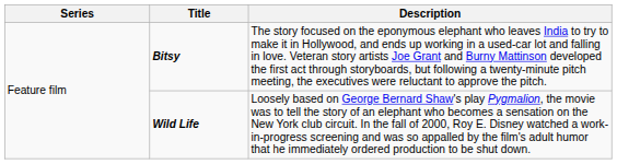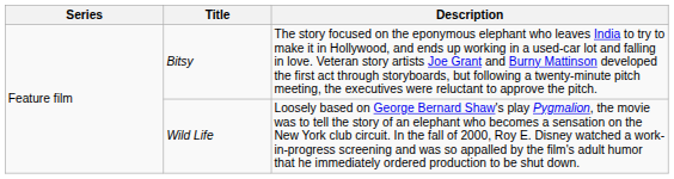 <table class="wikitable">
 <tr>
 <th style="width:150pt;">Series</th>
 <th style="width:100pt;">Title</th>
 <th>Description</th>
 </tr>
 <tr>
 <td rowspan="2">Feature film</td>
-<td><strong><em>Bitsy</em></strong></td>
+<td><em>Bitsy</em></td>
 <td>The story focused on the eponymous elephant who leaves <a href='#'>India</a> to try to make it in Hollywood, and ends up working in a used-car lot and falling in love. Veteran story artists <a href='#'>Joe Grant</a> and <a href='#'>Burny Mattinson</a> developed the first act through storyboards, but following a twenty-minute pitch meeting, the executives were reluctant to approve the pitch.</td>
 </tr>
 <tr>
-<td><strong><em>Wild Life</em></strong></td>
+<td><em>Wild Life</em></td>
 <td>Loosely based on <a href='#'>George Bernard Shaw</a>'s play <em><a href='#'>Pygmalion</a></em>, the movie was to tell the story of an elephant who becomes a sensation on the New York club circuit. In the fall of 2000, Roy E. Disney watched a work-in-progress screening and was so appalled by the film's adult humor that he immediately ordered production to be shut down.</td>
 </tr>
 </table>
